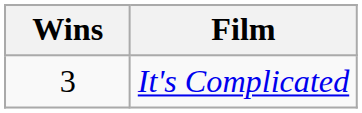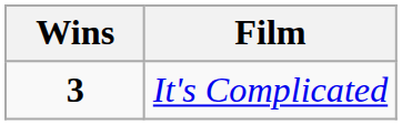 <table class="wikitable plainrowheaders" style="text-align:center;">
 <tr>
 <th scope="col" style="width:55px;">Wins</th>
 <th scope="col" style="text-align:center;">Film</th>
 </tr>
 <tr>
-<td scope=row rowspan=1 style="text-align:center;">3</td>
+<td scope=row rowspan=1 style="text-align:center;"><strong>3</strong></td>
 <td><em><a href='#'>It's Complicated</a></em></td>
 </tr>
 </table>
